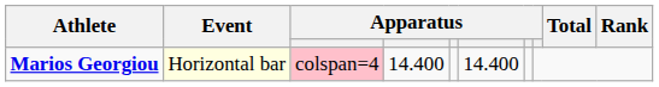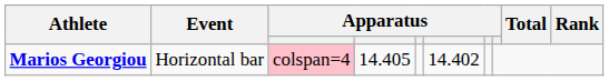 <table class="wikitable" style="font-size:90%">
 <tr>
 <th rowspan=2>Athlete</th>
 <th rowspan=2>Event</th>
 <th colspan=6>Apparatus</th>
 <th rowspan=2>Total</th>
 <th rowspan=2>Rank</th>
 </tr>
 <tr style="font-size:95%">
 <th></th>
 <th></th>
 <th></th>
 <th></th>
 <th></th>
 <th></th>
 </tr>
 <tr align=center>
 <td align=left><strong><a href='#'>Marios Georgiou</a></strong></td>
-<td align=left style="background: lightyellow;">Horizontal bar</td>
+<td align=left>Horizontal bar</td>
 <td style="background: pink;">colspan=4</td>
-<td>14.400</td>
+<td>14.405</td>
 <td></td>
-<td>14.400</td>
+<td>14.402</td>
 <td></td>
 </tr>
 </table>
